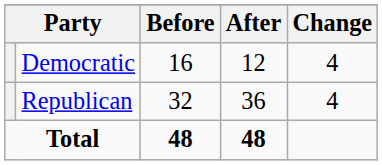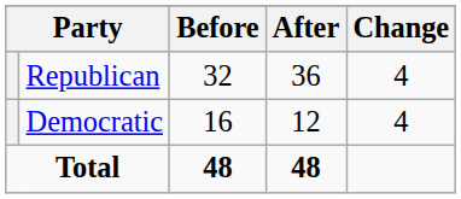 <table class="wikitable" style="text-align:center;">
 <tr>
 </tr>
 <tr>
 <th colspan=2>Party</th>
 <th>Before</th>
 <th>After</th>
 <th>Change</th>
 </tr>
 <tr>
 <th style="background-color:"></th>
-<td style="text-align:left;"><a href='#'>Democratic</a></td>
-<td>16</td>
-<td>12</td>
+<td style="text-align:left;"><a href='#'>Republican</a></td>
+<td>32</td>
+<td>36</td>
 <td> 4</td>
 </tr>
 <tr>
 <th style="background-color:"></th>
-<td style="text-align:left;"><a href='#'>Republican</a></td>
-<td>32</td>
-<td>36</td>
+<td style="text-align:left;"><a href='#'>Democratic</a></td>
+<td>16</td>
+<td>12</td>
 <td> 4</td>
 </tr>
 <tr>
 <td colspan=2><strong>Total</strong></td>
 <td><strong>48</strong></td>
 <td><strong>48</strong></td>
 <td></td>
 </tr>
 </table>
